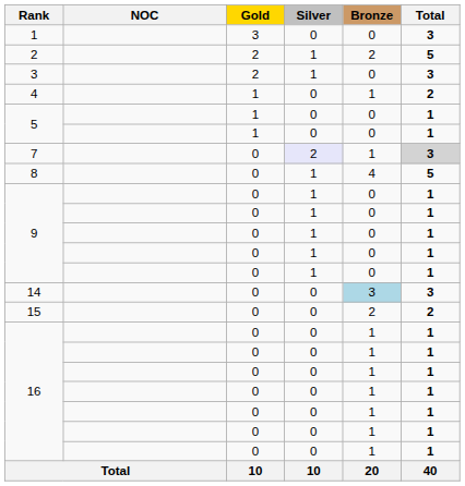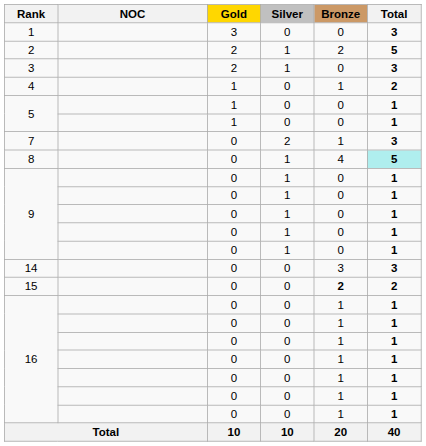 <table class="wikitable sortable" style="text-align:center; font-size:90%">
 <tr>
 <th width=60>Rank</th>
 <th width=180>NOC</th>
 <th width=60 style="background-color:gold">Gold</th>
 <th width=60 style="background-color:silver">Silver</th>
 <th width=60 style="background-color:#cc9966">Bronze</th>
 <th width=60>Total</th>
 </tr>
 <tr>
 <td>1</td>
 <td style="text-align:left;"></td>
 <td>3</td>
 <td>0</td>
 <td>0</td>
 <td><strong>3</strong></td>
 </tr>
 <tr>
 <td>2</td>
 <td style="text-align:left;"></td>
 <td>2</td>
 <td>1</td>
 <td>2</td>
 <td><strong>5</strong></td>
 </tr>
 <tr>
 <td>3</td>
 <td style="text-align:left;"></td>
 <td>2</td>
 <td>1</td>
 <td>0</td>
 <td><strong>3</strong></td>
 </tr>
 <tr>
 <td>4</td>
 <td style="text-align:left;"></td>
 <td>1</td>
 <td>0</td>
 <td>1</td>
 <td><strong>2</strong></td>
 </tr>
 <tr>
 <td rowspan="2">5</td>
 <td style="text-align:left;"></td>
 <td>1</td>
 <td>0</td>
 <td>0</td>
 <td><strong>1</strong></td>
 </tr>
 <tr>
 <td style="text-align:left;"></td>
 <td>1</td>
 <td>0</td>
 <td>0</td>
 <td><strong>1</strong></td>
 </tr>
 <tr>
 <td>7</td>
 <td style="text-align:left;"></td>
 <td>0</td>
-<td style="background: lavender;">2</td>
+<td>2</td>
 <td>1</td>
-<td style="background: lightgrey;"><strong>3</strong></td>
+<td><strong>3</strong></td>
 </tr>
 <tr>
 <td>8</td>
 <td style="text-align:left;"></td>
 <td>0</td>
 <td>1</td>
 <td>4</td>
-<td><strong>5</strong></td>
+<td style="background: paleturquoise;"><strong>5</strong></td>
 </tr>
 <tr>
 <td rowspan="5">9</td>
 <td style="text-align:left;"></td>
 <td>0</td>
 <td>1</td>
 <td>0</td>
 <td><strong>1</strong></td>
 </tr>
 <tr>
 <td style="text-align:left;"></td>
 <td>0</td>
 <td>1</td>
 <td>0</td>
 <td><strong>1</strong></td>
 </tr>
 <tr>
 <td style="text-align:left;"></td>
 <td>0</td>
 <td>1</td>
 <td>0</td>
 <td><strong>1</strong></td>
 </tr>
 <tr>
 <td style="text-align:left;"></td>
 <td>0</td>
 <td>1</td>
 <td>0</td>
 <td><strong>1</strong></td>
 </tr>
 <tr>
 <td style="text-align:left;"></td>
 <td>0</td>
 <td>1</td>
 <td>0</td>
 <td><strong>1</strong></td>
 </tr>
 <tr>
 <td>14</td>
 <td style="text-align:left;"></td>
 <td>0</td>
 <td>0</td>
-<td style="background: lightblue;">3</td>
+<td>3</td>
 <td><strong>3</strong></td>
 </tr>
 <tr>
 <td>15</td>
 <td style="text-align:left;"></td>
 <td>0</td>
 <td>0</td>
-<td>2</td>
+<td><strong>2</strong></td>
 <td><strong>2</strong></td>
 </tr>
 <tr>
 <td rowspan="7">16</td>
 <td style="text-align:left;"></td>
 <td>0</td>
 <td>0</td>
 <td>1</td>
 <td><strong>1</strong></td>
 </tr>
 <tr>
 <td style="text-align:left;"></td>
 <td>0</td>
 <td>0</td>
 <td>1</td>
 <td><strong>1</strong></td>
 </tr>
 <tr>
 <td style="text-align:left;"></td>
 <td>0</td>
 <td>0</td>
 <td>1</td>
 <td><strong>1</strong></td>
 </tr>
 <tr>
 <td style="text-align:left;"></td>
 <td>0</td>
 <td>0</td>
 <td>1</td>
 <td><strong>1</strong></td>
 </tr>
 <tr>
 <td style="text-align:left;"></td>
 <td>0</td>
 <td>0</td>
 <td>1</td>
 <td><strong>1</strong></td>
 </tr>
 <tr>
 <td style="text-align:left;"></td>
 <td>0</td>
 <td>0</td>
 <td>1</td>
 <td><strong>1</strong></td>
 </tr>
 <tr>
 <td style="text-align:left;"></td>
 <td>0</td>
 <td>0</td>
 <td>1</td>
 <td><strong>1</strong></td>
 </tr>
 <tr>
 <th colspan="2">Total</th>
 <th>10</th>
 <th>10</th>
 <th>20</th>
 <th>40</th>
 </tr>
 </table>
